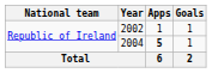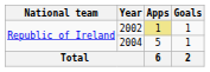 <table class="wikitable" style="text-align:center">
 <tr>
 <th>National team</th>
 <th>Year</th>
 <th>Apps</th>
 <th>Goals</th>
 </tr>
 <tr>
 <td rowspan="2"><a href='#'>Republic of Ireland</a></td>
 <td>2002</td>
-<td>1</td>
+<td style="background: khaki;">1</td>
 <td>1</td>
 </tr>
 <tr>
 <td>2004</td>
-<td><strong>5</strong></td>
+<td>5</td>
 <td>1</td>
 </tr>
 <tr>
 <th colspan="2">Total</th>
 <th>6</th>
 <th>2</th>
 </tr>
 </table>
